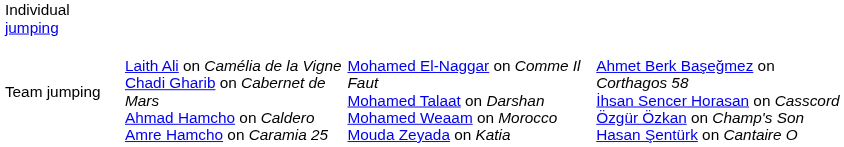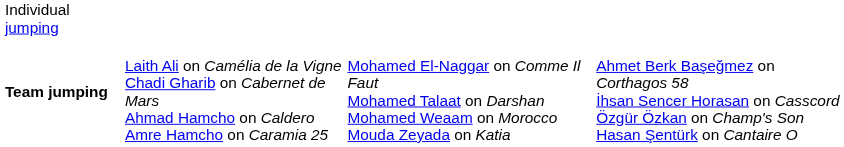 <table>
 <tr>
 <td>Individual <a href='#'>jumping</a></td>
 <td></td>
 <td></td>
 <td></td>
 </tr>
 <tr>
-<td>Team jumping</td>
+<td><strong>Team jumping</strong></td>
 <td><br><a href='#'>Laith Ali</a> on <em>Camélia de la Vigne</em><br><a href='#'>Chadi Gharib</a> on <em>Cabernet de Mars</em><br><a href='#'>Ahmad Hamcho</a> on <em>Caldero</em><br><a href='#'>Amre Hamcho</a> on <em>Caramia 25</em></td>
 <td><br><a href='#'>Mohamed El-Naggar</a> on <em>Comme Il Faut</em><br><a href='#'>Mohamed Talaat</a> on <em>Darshan</em><br><a href='#'>Mohamed Weaam</a> on <em>Morocco</em><br><a href='#'>Mouda Zeyada</a> on <em>Katia</em></td>
 <td><br><a href='#'>Ahmet Berk Başeğmez</a> on <em>Corthagos 58</em><br><a href='#'>İhsan Sencer Horasan</a> on <em>Casscord</em><br><a href='#'>Özgür Özkan</a> on <em> Champ's Son</em><br><a href='#'>Hasan Şentürk</a> on <em>Cantaire O</em></td>
 </tr>
 </table>
